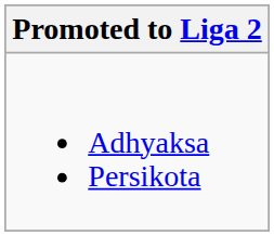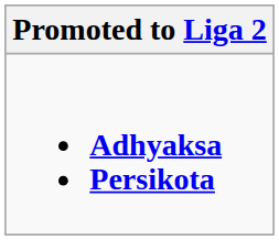 <table class="wikitable">
 <tr style="vertical-align:top">
 <th> Promoted to <a href='#'>Liga 2</a></th>
 </tr>
 <tr>
-<td><br><ul><li><a href='#'>Adhyaksa</a></li><li><a href='#'>Persikota</a></li></ul></td>
+<td><strong><br><ul><li><a href='#'>Adhyaksa</a></li><li><a href='#'>Persikota</a></li></ul></strong></td>
 </tr>
 </table>
